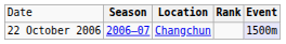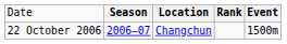 <table class="wikitable sortable" style="font-size:90%" style="text-align:center">
 <tr>
 <td>Date</td>
 <th>Season</th>
 <th>Location</th>
 <th>Rank</th>
 <th>Event</th>
 </tr>
 <tr>
 <td>22 October 2006</td>
 <td><a href='#'>2006–07</a></td>
 <td><a href='#'>Changchun</a></td>
 <td></td>
-<td style="background: lavender;">1500m</td>
+<td>1500m</td>
 </tr>
 </table>
